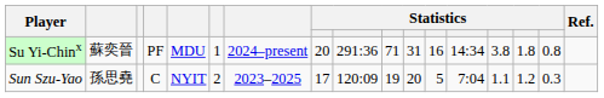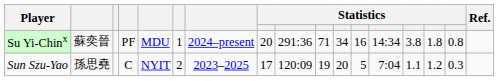 <table class="wikitable sortable" style="font-size:95%; text-align:right;">
 <tr>
 <th rowspan="2">Player</th>
 <th rowspan="2"></th>
 <th rowspan="2"></th>
 <th rowspan="2"></th>
 <th rowspan="2"></th>
 <th rowspan="2"></th>
 <th rowspan="2"></th>
 <th colspan="9">Statistics</th>
 <th rowspan="2">Ref.</th>
 </tr>
 <tr>
 <th></th>
 <th></th>
 <th></th>
 <th></th>
 <th></th>
 <th></th>
 <th></th>
 <th></th>
 <th></th>
 </tr>
 <tr>
 <td align="left" bgcolor="#CCFFCC">Su Yi-Chin<sup>x</sup></td>
 <td align="left">蘇奕晉</td>
 <td align="center"></td>
 <td align="center">PF</td>
 <td align="left"><a href='#'>MDU</a></td>
 <td align="center">1</td>
 <td align="center"><a href='#'>2024–present</a></td>
 <td>20</td>
 <td>291:36</td>
 <td>71</td>
-<td>31</td>
+<td>34</td>
 <td>16</td>
 <td>14:34</td>
 <td>3.8</td>
 <td>1.8</td>
 <td>0.8</td>
 <td align="center"></td>
 </tr>
 <tr>
 <td align="left"><em>Sun Szu-Yao</em></td>
 <td align="left">孫思堯</td>
 <td align="center"></td>
 <td align="center">C</td>
 <td align="left"><a href='#'>NYIT</a></td>
 <td align="center">2</td>
 <td align="center"><a href='#'>2023</a>–<a href='#'>2025</a></td>
 <td>17</td>
 <td>120:09</td>
 <td>19</td>
 <td>20</td>
 <td>5</td>
 <td>7:04</td>
 <td>1.1</td>
 <td>1.2</td>
 <td>0.3</td>
 <td align="center"></td>
 </tr>
 </table>
